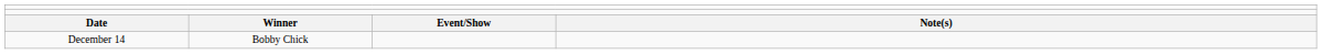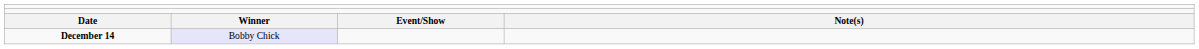 <table class="wikitable" style="text-align:center; width:100%;">
 <tr>
 <td colspan="5"></td>
 </tr>
 <tr>
 <td colspan="5"><strong></strong></td>
 </tr>
 <tr>
 <th width=14%>Date</th>
 <th width=14%>Winner</th>
 <th width=14%>Event/Show</th>
 <th width=58%>Note(s)</th>
 </tr>
 <tr>
-<td>December 14</td>
-<td>Bobby Chick</td>
+<td><strong>December 14</strong></td>
+<td style="background: lavender;">Bobby Chick</td>
 <td></td>
 <td align=left></td>
 </tr>
 </table>
